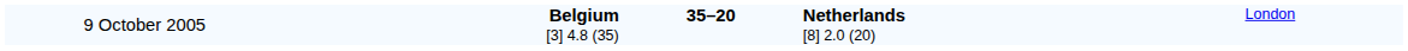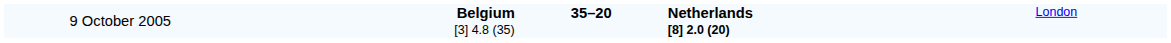 <table style="width: 100%; background:#F5FAFF;" cellspacing="0">
 <tr>
 <td align=center rowspan=3 width=20%>9 October 2005</td>
 </tr>
 <tr>
 <td width=24% align=right><strong>Belgium</strong></td>
 <td align=center width=13%><strong>35–20</strong></td>
 <td width=24%><strong>Netherlands</strong></td>
 <td style=font-size:85% rowspan=3 valign=top align=center><a href='#'>London</a></td>
 </tr>
 <tr style=font-size:85%>
 <td align=right>[3] 4.8 (35)</td>
 <td></td>
-<td>[8] 2.0 (20)</td>
+<td><strong>[8] 2.0 (20)</strong></td>
 </tr>
 </table>
